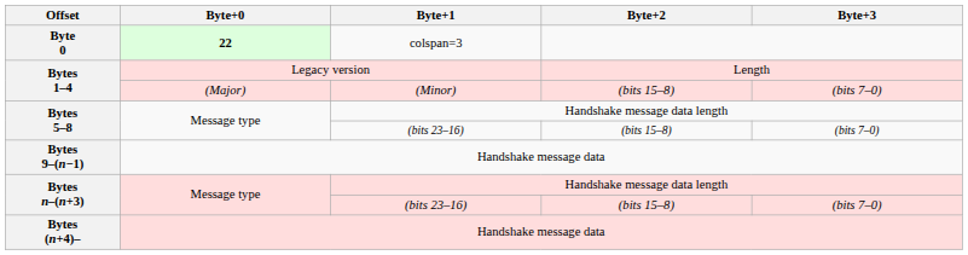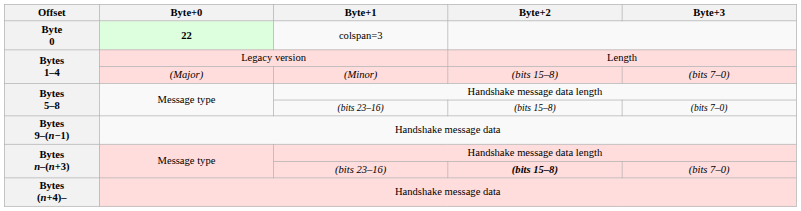 <table class="wikitable"style=width:95%;text-align:center>
 <tr>
 <th scope=col>Offset</th>
 <th scope=col style=width:22%>Byte+0</th>
 <th scope=col style=width:22%>Byte+1</th>
 <th scope=col style=width:22%>Byte+2</th>
 <th scope=col style=width:22%>Byte+3</th>
 </tr>
 <tr>
 <th scope=row>Byte<br>0</th>
 <td style=background:#dfd><strong>22</strong></td>
 <td>colspan=3</td>
 </tr>
 <tr>
 <th scope=row rowspan=2>Bytes<br>1–4</th>
 <td colspan=2 style=background:#fdd>Legacy version</td>
 <td colspan=2 style=background:#fdd>Length</td>
 </tr>
 <tr style=background:#fdd>
 <td><em>(Major)</em></td>
 <td><em>(Minor)</em></td>
 <td><em>(bits 15–8)</em></td>
 <td><em>(bits 7–0)</em></td>
 </tr>
 <tr>
 <th scope=row rowspan=2>Bytes<br>5–8</th>
 <td rowspan=2>Message type</td>
 <td colspan=3>Handshake message data length</td>
 </tr>
 <tr style=font-size:90%;line-height:1.2>
 <td><em>(bits 23–16)</em></td>
 <td><em>(bits 15–8)</em></td>
 <td><em>(bits 7–0)</em></td>
 </tr>
 <tr>
 <th scope=row>Bytes<br>9–(<em>n</em>−1)</th>
 <td colspan=4>Handshake message data</td>
 </tr>
 <tr>
 <th scope=row rowspan=2>Bytes<br><em>n</em>–(<em>n</em>+3)</th>
 <td rowspan=2 style=background:#fdd>Message type</td>
 <td colspan=3 style=background:#fdd>Handshake message data length</td>
 </tr>
 <tr style=background:#fdd>
 <td><em>(bits 23–16)</em></td>
-<td><em>(bits 15–8)</em></td>
+<td><strong><em>(bits 15–8)</em></strong></td>
 <td><em>(bits 7–0)</em></td>
 </tr>
 <tr>
 <th scope=row>Bytes<br>(<em>n</em>+4)–</th>
 <td colspan=4 style=background:#fdd>Handshake message data</td>
 </tr>
 </table>
